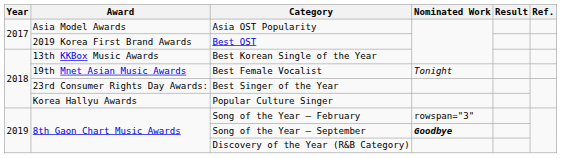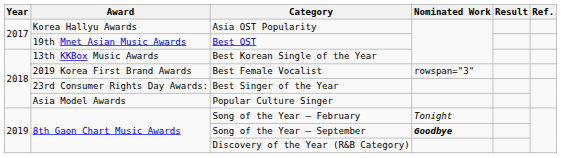 <table class="wikitable">
 <tr>
 <th>Year</th>
 <th>Award</th>
 <th>Category</th>
 <th>Nominated Work</th>
 <th>Result</th>
 <th>Ref.</th>
 </tr>
 <tr>
 <td rowspan="2">2017</td>
-<td>Asia Model Awards</td>
+<td>Korea Hallyu Awards</td>
 <td>Asia OST Popularity</td>
 <td rowspan="3"></td>
 <td></td>
 <td></td>
 </tr>
 <tr>
-<td>2019 Korea First Brand Awards</td>
+<td>19th <a href='#'>Mnet Asian Music Awards</a></td>
 <td><a href='#'>Best OST</a></td>
 <td></td>
 <td></td>
 </tr>
 <tr>
 <td rowspan="4">2018</td>
 <td>13th <a href='#'>KKBox</a> Music Awards</td>
 <td>Best Korean Single of the Year</td>
 <td></td>
 <td></td>
 </tr>
 <tr>
-<td>19th <a href='#'>Mnet Asian Music Awards</a></td>
+<td>2019 Korea First Brand Awards</td>
 <td>Best Female Vocalist</td>
-<td><em>Tonight</em></td>
+<td>rowspan="3" </td>
 <td></td>
 <td></td>
 </tr>
 <tr>
 <td>23rd Consumer Rights Day Awards:</td>
 <td>Best Singer of the Year</td>
 <td></td>
 <td></td>
 </tr>
 <tr>
-<td>Korea Hallyu Awards</td>
+<td>Asia Model Awards</td>
 <td>Popular Culture Singer</td>
 <td></td>
 <td></td>
 </tr>
 <tr>
 <td rowspan="3">2019</td>
 <td rowspan="3"><a href='#'>8th Gaon Chart Music Awards</a></td>
 <td>Song of the Year – February</td>
-<td>rowspan="3" </td>
+<td><em>Tonight</em></td>
 <td></td>
 <td rowspan="3"></td>
 </tr>
 <tr>
 <td>Song of the Year – September</td>
 <td><strong><em>Goodbye</em></strong></td>
 <td></td>
 </tr>
 <tr>
 <td>Discovery of the Year (R&B Category)</td>
 <td></td>
 <td></td>
 </tr>
 </table>
